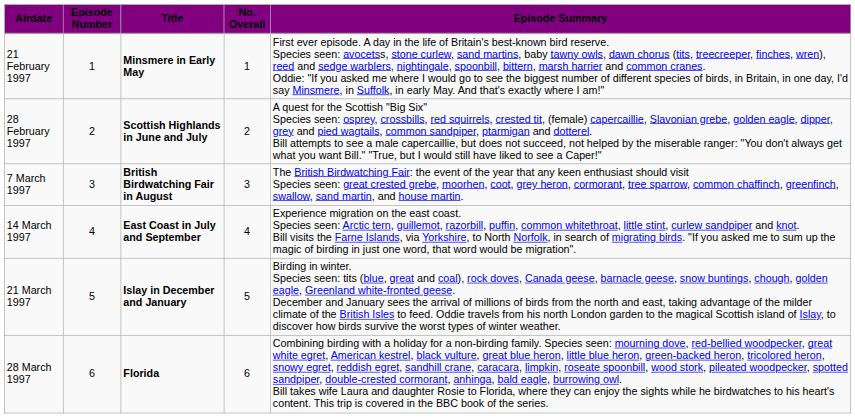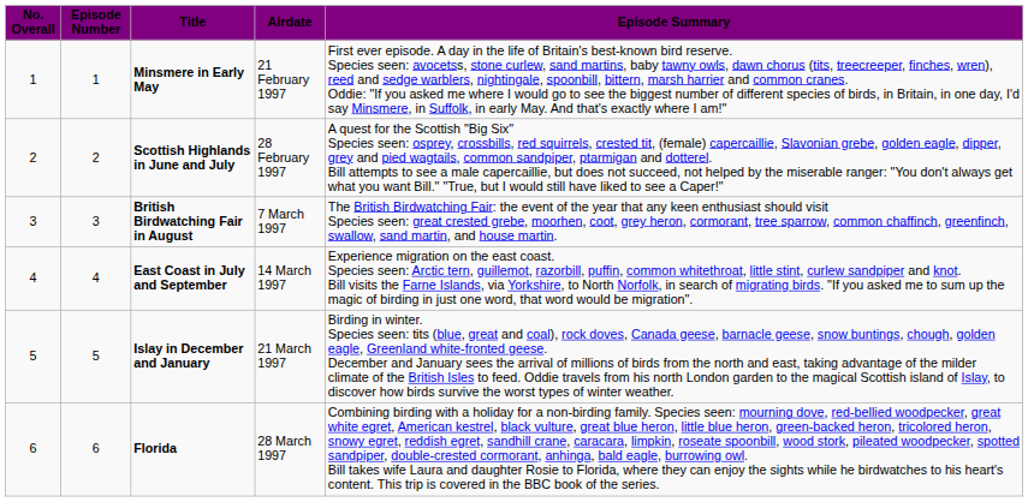 <table width="100%" class="wikitable">
 <tr style="background:purple; text-align:center;">
-<td><strong>Airdate</strong></td>
+<td><strong>No. Overall</strong></td>
 <td><strong>Episode Number</strong></td>
 <td><strong>Title</strong></td>
-<td><strong>No. Overall</strong></td>
+<td><strong>Airdate</strong></td>
 <td><strong>Episode Summary</strong></td>
 </tr>
 <tr>
-<td>21 February 1997</td>
+<td style="text-align:center;">1</td>
 <td style="text-align:center;">1</td>
 <td><strong>Minsmere in Early May</strong></td>
-<td style="text-align:center;">1</td>
+<td>21 February 1997</td>
 <td>First ever episode. A day in the life of Britain's best-known bird reserve.<br>Species seen: <a href='#'>avocets</a>s, <a href='#'>stone curlew</a>, <a href='#'>sand martins</a>, baby <a href='#'>tawny owls</a>, <a href='#'>dawn chorus</a> (<a href='#'>tits</a>, <a href='#'>treecreeper</a>, <a href='#'>finches</a>, <a href='#'>wren</a>), <a href='#'>reed</a> and <a href='#'>sedge warblers</a>, <a href='#'>nightingale</a>, <a href='#'>spoonbill</a>, <a href='#'>bittern</a>, <a href='#'>marsh harrier</a> and <a href='#'>common cranes</a>.<br>Oddie: "If you asked me where I would go to see the biggest number of different species of birds, in Britain, in one day, I'd say <a href='#'>Minsmere</a>, in <a href='#'>Suffolk</a>, in early May. And that's exactly where I am!"</td>
 </tr>
 <tr>
-<td>28 February 1997</td>
+<td style="text-align:center;">2</td>
 <td style="text-align:center;">2</td>
 <td><strong>Scottish Highlands in June and July</strong></td>
-<td style="text-align:center;">2</td>
+<td>28 February 1997</td>
 <td>A quest for the Scottish "Big Six"<br>Species seen: <a href='#'>osprey</a>, <a href='#'>crossbills</a>, <a href='#'>red squirrels</a>, <a href='#'>crested tit</a>, (female) <a href='#'>capercaillie</a>, <a href='#'>Slavonian grebe</a>, <a href='#'>golden eagle</a>, <a href='#'>dipper</a>, <a href='#'>grey</a> and <a href='#'>pied wagtails</a>, <a href='#'>common sandpiper</a>, <a href='#'>ptarmigan</a> and <a href='#'>dotterel</a>.<br>Bill attempts to see a male capercaillie, but does not succeed, not helped by the miserable ranger: "You don't always get what you want Bill." "True, but I would still have liked to see a Caper!"</td>
 </tr>
 <tr>
-<td>7 March 1997</td>
+<td style="text-align:center;">3</td>
 <td style="text-align:center;">3</td>
 <td><strong>British Birdwatching Fair in August</strong></td>
-<td style="text-align:center;">3</td>
+<td>7 March 1997</td>
 <td>The <a href='#'>British Birdwatching Fair</a>: the event of the year that any keen enthusiast should visit<br>Species seen: <a href='#'>great crested grebe</a>, <a href='#'>moorhen</a>, <a href='#'>coot</a>, <a href='#'>grey heron</a>, <a href='#'>cormorant</a>, <a href='#'>tree sparrow</a>, <a href='#'>common chaffinch</a>, <a href='#'>greenfinch</a>, <a href='#'>swallow</a>, <a href='#'>sand martin</a>, and <a href='#'>house martin</a>.</td>
 </tr>
 <tr>
-<td>14 March 1997</td>
+<td style="text-align:center;">4</td>
 <td style="text-align:center;">4</td>
 <td><strong>East Coast in July and September</strong></td>
-<td style="text-align:center;">4</td>
+<td>14 March 1997</td>
 <td>Experience migration on the east coast.<br>Species seen: <a href='#'>Arctic tern</a>, <a href='#'>guillemot</a>, <a href='#'>razorbill</a>, <a href='#'>puffin</a>, <a href='#'>common whitethroat</a>, <a href='#'>little stint</a>, <a href='#'>curlew sandpiper</a> and <a href='#'>knot</a>.<br>Bill visits the <a href='#'>Farne Islands</a>, via <a href='#'>Yorkshire</a>, to North <a href='#'>Norfolk</a>, in search of <a href='#'>migrating birds</a>. "If you asked me to sum up the magic of birding in just one word, that word would be migration".</td>
 </tr>
 <tr>
-<td>21 March 1997</td>
+<td style="text-align:center;">5</td>
 <td style="text-align:center;">5</td>
 <td><strong>Islay in December and January</strong></td>
-<td style="text-align:center;">5</td>
+<td>21 March 1997</td>
 <td>Birding in winter.<br>Species seen: tits (<a href='#'>blue</a>, <a href='#'>great</a> and <a href='#'>coal</a>), <a href='#'>rock doves</a>, <a href='#'>Canada geese</a>, <a href='#'>barnacle geese</a>, <a href='#'>snow buntings</a>, <a href='#'>chough</a>, <a href='#'>golden eagle</a>, <a href='#'>Greenland white-fronted geese</a>.<br>December and January sees the arrival of millions of birds from the north and east, taking advantage of the milder climate of the <a href='#'>British Isles</a> to feed. Oddie travels from his north London garden to the magical Scottish island of <a href='#'>Islay</a>, to discover how birds survive the worst types of winter weather.</td>
 </tr>
 <tr>
-<td>28 March 1997</td>
+<td style="text-align:center;">6</td>
 <td style="text-align:center;">6</td>
 <td><strong>Florida</strong></td>
-<td style="text-align:center;">6</td>
+<td>28 March 1997</td>
 <td>Combining birding with a holiday for a non-birding family. Species seen: <a href='#'>mourning dove</a>, <a href='#'>red-bellied woodpecker</a>, <a href='#'>great white egret</a>, <a href='#'>American kestrel</a>, <a href='#'>black vulture</a>, <a href='#'>great blue heron</a>, <a href='#'>little blue heron</a>, <a href='#'>green-backed heron</a>, <a href='#'>tricolored heron</a>, <a href='#'>snowy egret</a>, <a href='#'>reddish egret</a>, <a href='#'>sandhill crane</a>, <a href='#'>caracara</a>, <a href='#'>limpkin</a>, <a href='#'>roseate spoonbill</a>, <a href='#'>wood stork</a>, <a href='#'>pileated woodpecker</a>, <a href='#'>spotted sandpiper</a>, <a href='#'>double-crested cormorant</a>, <a href='#'>anhinga</a>, <a href='#'>bald eagle</a>, <a href='#'>burrowing owl</a>.<br>Bill takes wife Laura and daughter Rosie to Florida, where they can enjoy the sights while he birdwatches to his heart's content. This trip is covered in the BBC book of the series.</td>
 </tr>
 </table>
